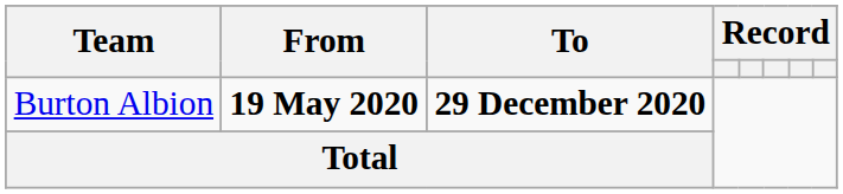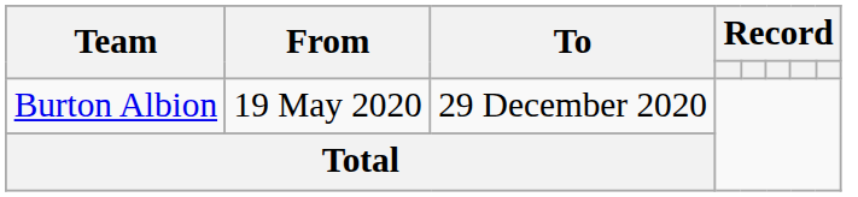 <table class=wikitable style=text-align:center>
 <tr>
 <th rowspan=2>Team</th>
 <th rowspan=2>From</th>
 <th rowspan=2>To</th>
 <th colspan=5>Record</th>
 </tr>
 <tr>
 <th></th>
 <th></th>
 <th></th>
 <th></th>
 <th></th>
 </tr>
 <tr>
 <td align=left><a href='#'>Burton Albion</a></td>
-<td align=left><strong>19 May 2020</strong></td>
-<td align=left><strong>29 December 2020<br></strong></td>
+<td align=left>19 May 2020</td>
+<td align=left>29 December 2020<br></td>
 </tr>
 <tr>
 <th colspan=3>Total<br></th>
 </tr>
 </table>
